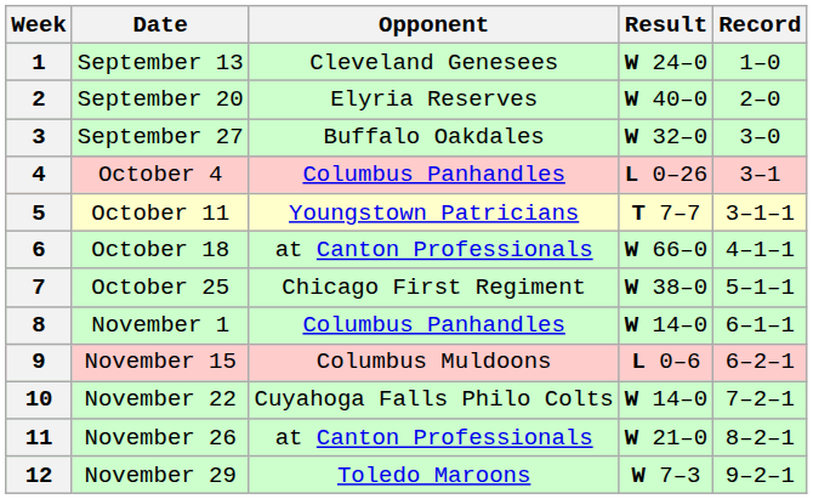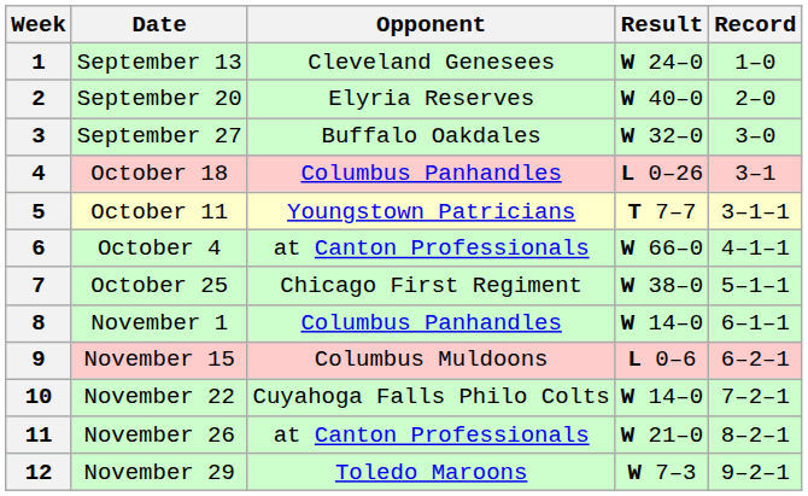 <table class="wikitable" style="text-align:center">
 <tr>
 <th>Week</th>
 <th>Date</th>
 <th>Opponent</th>
 <th>Result</th>
 <th>Record</th>
 </tr>
 <tr style="background:#cfc">
 <th>1</th>
 <td>September 13</td>
 <td>Cleveland Genesees</td>
 <td><strong>W</strong> 24–0</td>
 <td>1–0</td>
 </tr>
 <tr style="background:#cfc">
 <th>2</th>
 <td>September 20</td>
 <td>Elyria Reserves</td>
 <td><strong>W</strong> 40–0</td>
 <td>2–0</td>
 </tr>
 <tr style="background:#cfc">
 <th>3</th>
 <td>September 27</td>
 <td>Buffalo Oakdales</td>
 <td><strong>W</strong> 32–0</td>
 <td>3–0</td>
 </tr>
 <tr style="background:#fcc">
 <th>4</th>
-<td>October 4</td>
+<td>October 18</td>
 <td><a href='#'>Columbus Panhandles</a></td>
 <td><strong>L</strong> 0–26</td>
 <td>3–1</td>
 </tr>
 <tr style="background:#ffc">
 <th>5</th>
 <td>October 11</td>
 <td><a href='#'>Youngstown Patricians</a></td>
 <td><strong>T</strong> 7–7</td>
 <td>3–1–1</td>
 </tr>
 <tr style="background:#cfc">
 <th>6</th>
-<td>October 18</td>
+<td>October 4</td>
 <td>at <a href='#'>Canton Professionals</a></td>
 <td><strong>W</strong> 66–0</td>
 <td>4–1–1</td>
 </tr>
 <tr style="background:#cfc">
 <th>7</th>
 <td>October 25</td>
 <td>Chicago First Regiment</td>
 <td><strong>W</strong> 38–0</td>
 <td>5–1–1</td>
 </tr>
 <tr style="background:#cfc">
 <th>8</th>
 <td>November 1</td>
 <td><a href='#'>Columbus Panhandles</a></td>
 <td><strong>W</strong> 14–0</td>
 <td>6–1–1</td>
 </tr>
 <tr style="background:#fcc">
 <th>9</th>
 <td>November 15</td>
 <td>Columbus Muldoons</td>
 <td><strong>L</strong> 0–6</td>
 <td>6–2–1</td>
 </tr>
 <tr style="background:#cfc">
 <th>10</th>
 <td>November 22</td>
 <td>Cuyahoga Falls Philo Colts</td>
 <td><strong>W</strong> 14–0</td>
 <td>7–2–1</td>
 </tr>
 <tr style="background:#cfc">
 <th>11</th>
 <td>November 26</td>
 <td>at <a href='#'>Canton Professionals</a></td>
 <td><strong>W</strong> 21–0</td>
 <td>8–2–1</td>
 </tr>
 <tr style="background:#cfc">
 <th>12</th>
 <td>November 29</td>
 <td><a href='#'>Toledo Maroons</a></td>
 <td><strong>W</strong> 7–3</td>
 <td>9–2–1</td>
 </tr>
 </table>
